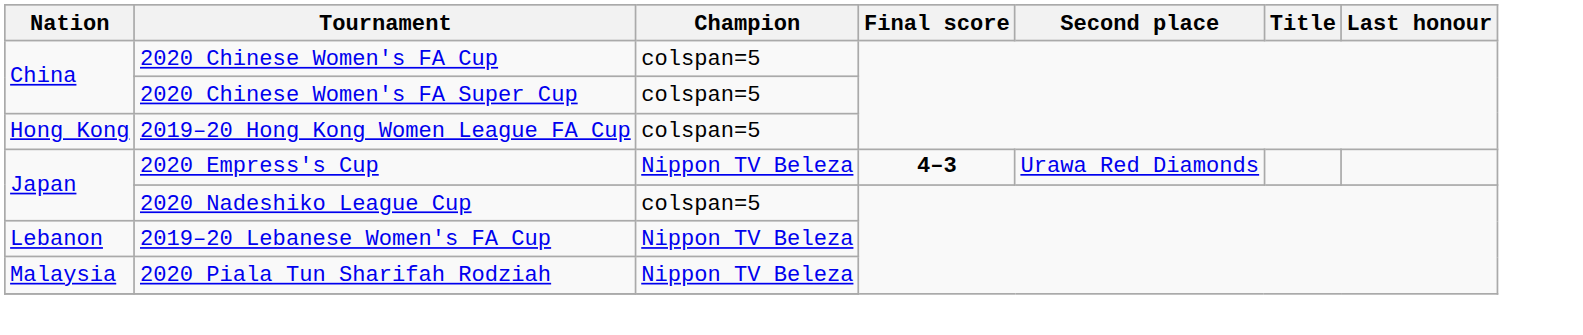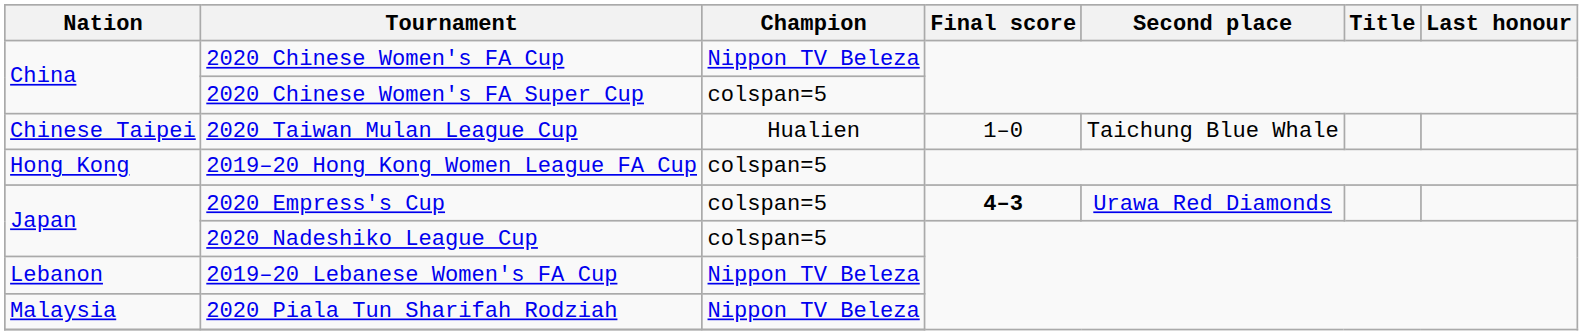 <table class="wikitable sortable">
 <tr>
 <th>Nation</th>
 <th>Tournament</th>
 <th>Champion</th>
 <th>Final score</th>
 <th>Second place</th>
 <th data-sort-type="number">Title</th>
 <th>Last honour</th>
 </tr>
 <tr>
 <td rowspan="2"> <a href='#'>China</a></td>
 <td><a href='#'>2020 Chinese Women's FA Cup</a></td>
-<td>colspan=5 </td>
+<td align=center><a href='#'>Nippon TV Beleza</a></td>
 </tr>
 <tr>
 <td><a href='#'>2020 Chinese Women's FA Super Cup</a></td>
 <td>colspan=5 </td>
+</tr>
+<tr>
+<td> <a href='#'>Chinese Taipei</a></td>
+<td><a href='#'>2020 Taiwan Mulan League Cup</a></td>
+<td align=center>Hualien</td>
+<td align=center>1–0</td>
+<td align=center>Taichung Blue Whale</td>
+<td></td>
+<td></td>
 </tr>
 <tr>
 <td> <a href='#'>Hong Kong</a></td>
 <td><a href='#'>2019–20 Hong Kong Women League FA Cup</a></td>
 <td>colspan=5 </td>
 </tr>
 <tr>
 <td rowspan="2"> <a href='#'>Japan</a></td>
 <td><a href='#'>2020 Empress's Cup</a></td>
-<td align=center><a href='#'>Nippon TV Beleza</a></td>
+<td>colspan=5 </td>
 <td align=center><strong>4–3</strong></td>
 <td align=center><a href='#'>Urawa Red Diamonds</a></td>
 <td></td>
 <td></td>
 </tr>
 <tr>
 <td><a href='#'>2020 Nadeshiko League Cup</a></td>
 <td>colspan=5 </td>
 </tr>
 <tr>
 <td> <a href='#'>Lebanon</a></td>
 <td><a href='#'>2019–20 Lebanese Women's FA Cup</a></td>
 <td align=center><a href='#'>Nippon TV Beleza</a></td>
 </tr>
 <tr>
 <td> <a href='#'>Malaysia</a></td>
 <td><a href='#'>2020 Piala Tun Sharifah Rodziah</a></td>
 <td align=center><a href='#'>Nippon TV Beleza</a></td>
 </tr>
 <tr>
 </tr>
 </table>
